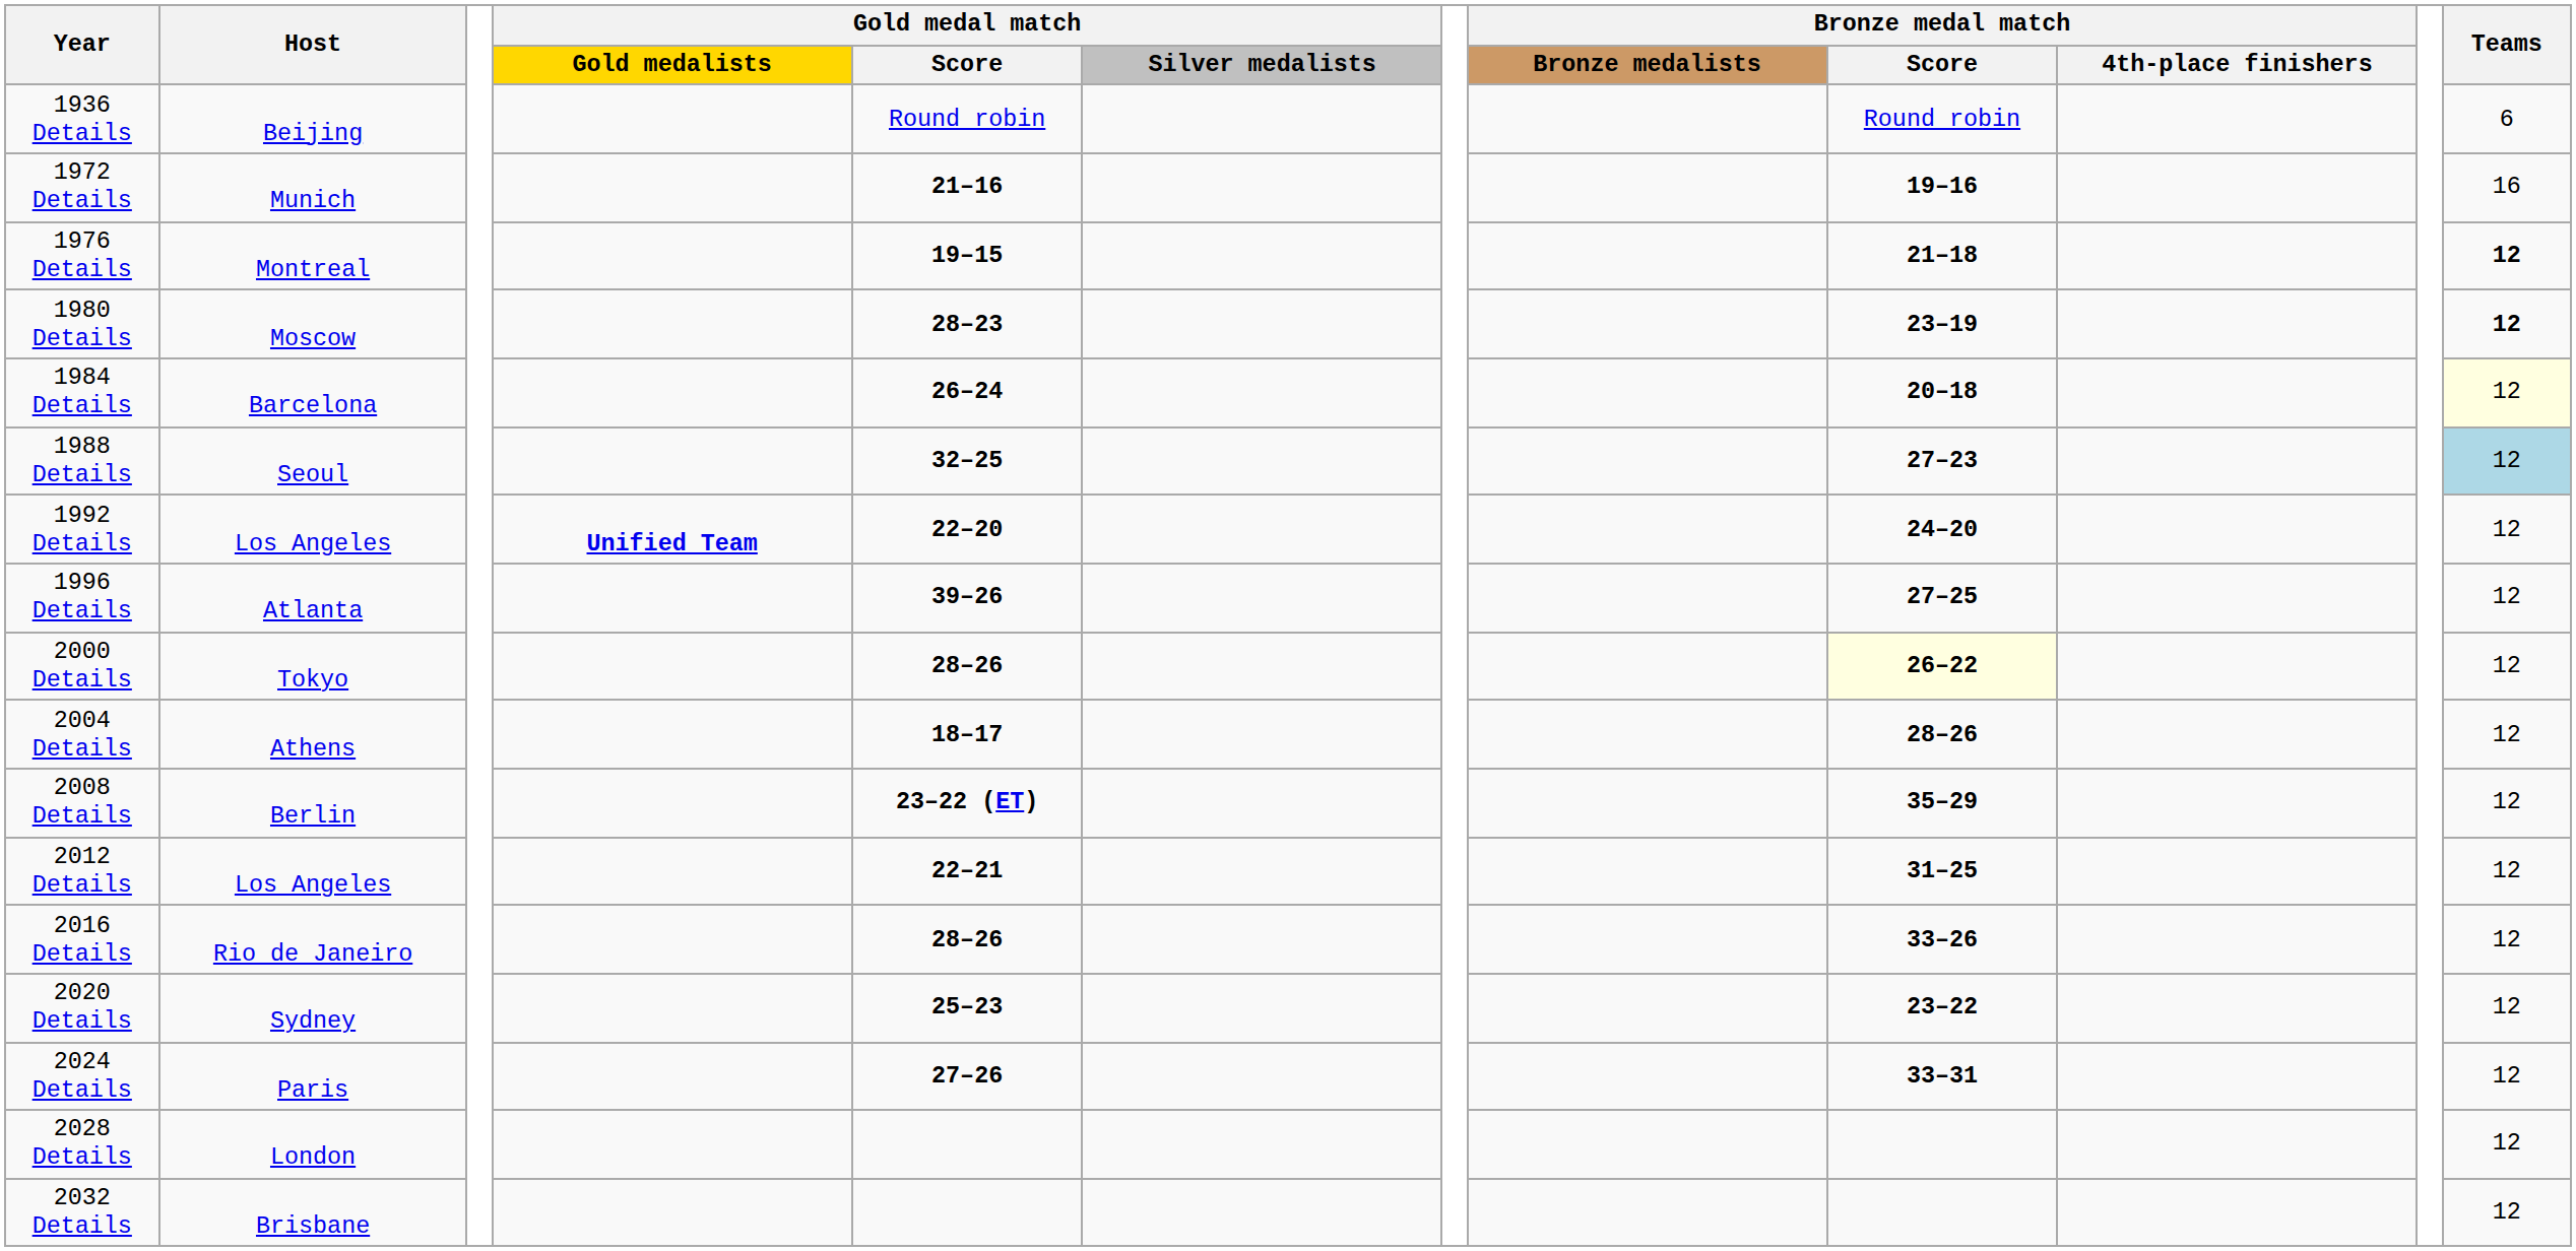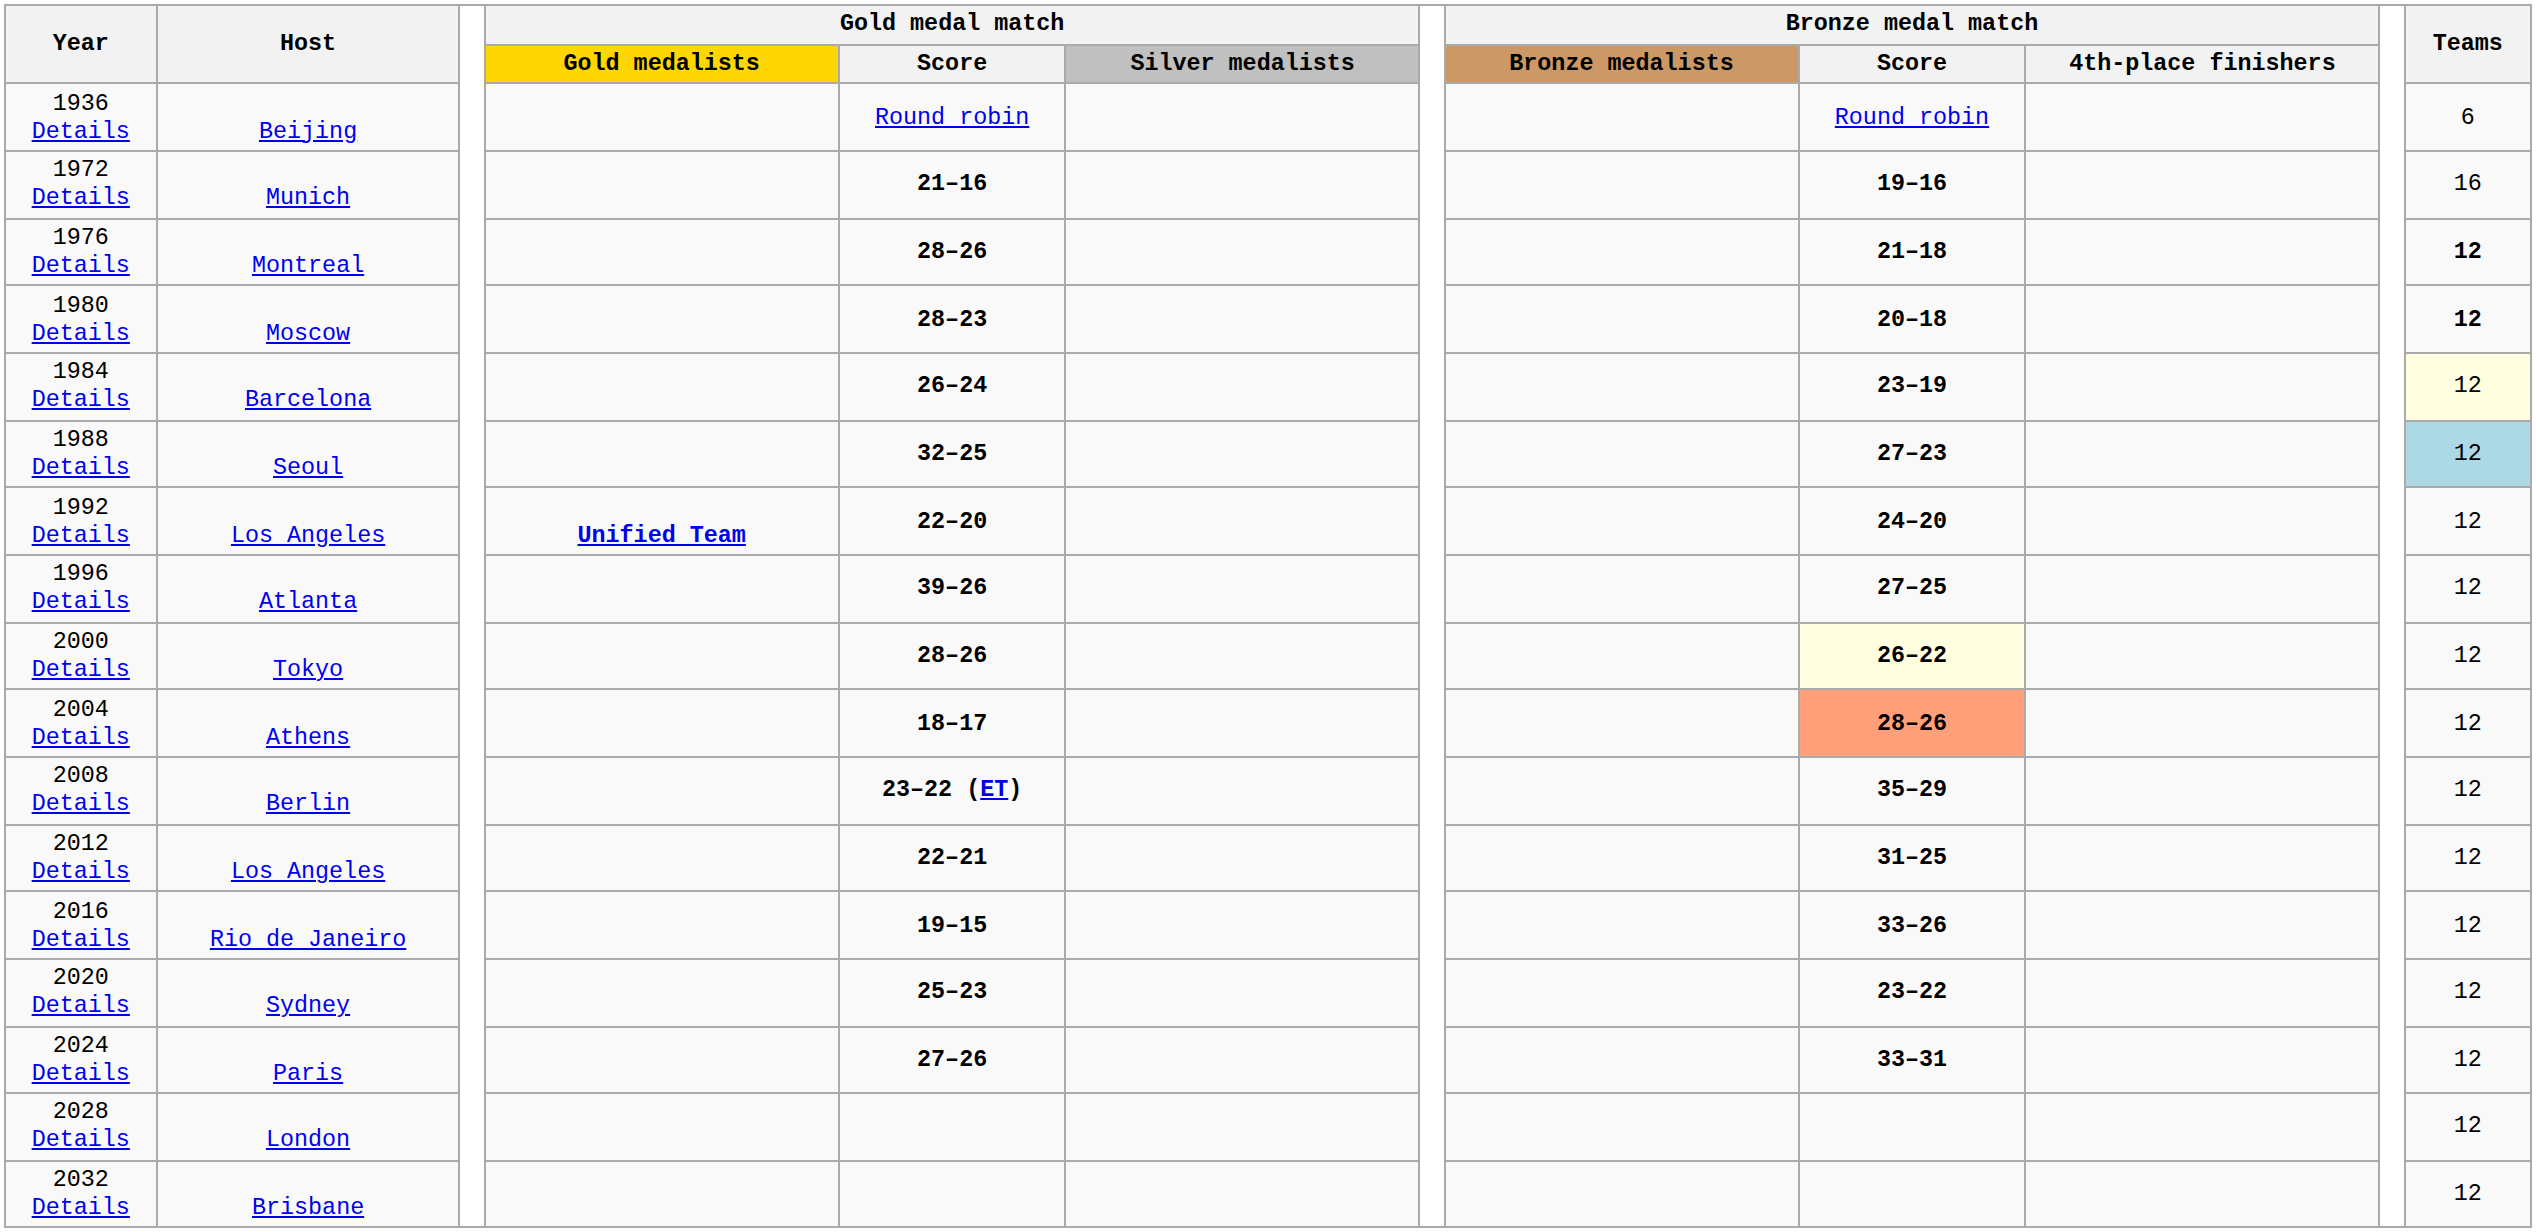 <table class="wikitable" style="font-size:90%; width: 100%; text-align: center;">
 <tr>
 <th rowspan="2" style="width: 6%;">Year</th>
 <th rowspan="2" style="width: 12%;">Host</th>
 <th rowspan="19" style="width: 1%; background-color: #ffffff;"></th>
 <th colspan="3">Gold medal match</th>
 <th rowspan="19" style="width: 1%; background-color: #ffffff;"></th>
 <th colspan="3">Bronze medal match</th>
 <th rowspan="19" style="width: 1%; background-color: #ffffff;"></th>
 <th rowspan="2" style="width: 5%;">Teams</th>
 </tr>
 <tr>
 <th style="width: 14%; background-color: gold;">Gold medalists</th>
 <th style="width: 9%;">Score</th>
 <th style="width: 14%; background-color: silver;">Silver medalists</th>
 <th style="width: 14%; background-color: #cc9966;">Bronze medalists</th>
 <th style="width: 9%;">Score</th>
 <th style="width: 14%;">4th-place finishers</th>
 </tr>
 <tr>
 <td>1936<br><a href='#'>Details</a></td>
 <td><br><a href='#'>Beijing</a></td>
 <td><strong></strong></td>
 <td><a href='#'>Round robin</a></td>
 <td></td>
 <td></td>
 <td><a href='#'>Round robin</a></td>
 <td></td>
 <td>6</td>
 </tr>
 <tr>
 <td>1972<br><a href='#'>Details</a></td>
 <td><br><a href='#'>Munich</a></td>
 <td><strong></strong></td>
 <td><strong>21–16</strong></td>
 <td></td>
 <td></td>
 <td><strong>19–16</strong></td>
 <td></td>
 <td>16</td>
 </tr>
 <tr>
 <td>1976<br><a href='#'>Details</a></td>
 <td><br><a href='#'>Montreal</a></td>
 <td><strong></strong></td>
-<td><strong>19–15</strong></td>
+<td><strong>28–26</strong></td>
 <td></td>
 <td></td>
 <td><strong>21–18</strong></td>
 <td></td>
 <td><strong>12</strong></td>
 </tr>
 <tr>
 <td>1980<br><a href='#'>Details</a></td>
 <td><br><a href='#'>Moscow</a></td>
 <td><strong></strong></td>
 <td><strong>28–23</strong></td>
 <td></td>
 <td></td>
-<td><strong>23–19</strong></td>
+<td><strong>20–18</strong></td>
 <td></td>
 <td><strong>12</strong></td>
 </tr>
 <tr>
 <td>1984<br><a href='#'>Details</a></td>
 <td><br><a href='#'>Barcelona</a></td>
 <td><strong></strong></td>
 <td><strong>26–24</strong></td>
 <td></td>
 <td></td>
-<td><strong>20–18</strong></td>
+<td><strong>23–19</strong></td>
 <td></td>
 <td style="background: lightyellow;">12</td>
 </tr>
 <tr>
 <td>1988<br><a href='#'>Details</a></td>
 <td><br><a href='#'>Seoul</a></td>
 <td><strong></strong></td>
 <td><strong>32–25</strong></td>
 <td></td>
 <td></td>
 <td><strong>27–23</strong></td>
 <td></td>
 <td style="background: lightblue;">12</td>
 </tr>
 <tr>
 <td>1992<br><a href='#'>Details</a></td>
 <td><br><a href='#'>Los Angeles</a></td>
 <td><strong><br><a href='#'>Unified Team</a></strong></td>
 <td><strong>22–20</strong></td>
 <td></td>
 <td></td>
 <td><strong>24–20</strong></td>
 <td></td>
 <td>12</td>
 </tr>
 <tr>
 <td>1996<br><a href='#'>Details</a></td>
 <td><br><a href='#'>Atlanta</a></td>
 <td><strong></strong></td>
 <td><strong>39–26</strong></td>
 <td></td>
 <td></td>
 <td><strong>27–25</strong></td>
 <td></td>
 <td>12</td>
 </tr>
 <tr>
 <td>2000<br><a href='#'>Details</a></td>
 <td><br><a href='#'>Tokyo</a></td>
 <td><strong></strong></td>
 <td><strong>28–26</strong></td>
 <td></td>
 <td></td>
 <td style="background: lightyellow;"><strong>26–22</strong></td>
 <td></td>
 <td>12</td>
 </tr>
 <tr>
 <td>2004<br><a href='#'>Details</a></td>
 <td><br><a href='#'>Athens</a></td>
 <td><strong></strong></td>
 <td><strong>18–17</strong></td>
 <td></td>
 <td></td>
-<td><strong>28–26</strong></td>
+<td style="background: lightsalmon;"><strong>28–26</strong></td>
 <td></td>
 <td>12</td>
 </tr>
 <tr>
 <td>2008<br><a href='#'>Details</a></td>
 <td><br><a href='#'>Berlin</a></td>
 <td><strong></strong></td>
 <td><strong>23–22 (<a href='#'>ET</a>)</strong></td>
 <td></td>
 <td></td>
 <td><strong>35–29</strong></td>
 <td></td>
 <td>12</td>
 </tr>
 <tr>
 <td>2012<br><a href='#'>Details</a></td>
 <td><br><a href='#'>Los Angeles</a></td>
 <td><strong></strong></td>
 <td><strong>22–21</strong></td>
 <td></td>
 <td></td>
 <td><strong>31–25</strong></td>
 <td></td>
 <td>12</td>
 </tr>
 <tr>
 <td>2016<br><a href='#'>Details</a></td>
 <td><br><a href='#'>Rio de Janeiro</a></td>
 <td><strong></strong></td>
-<td><strong>28–26</strong></td>
+<td><strong>19–15</strong></td>
 <td></td>
 <td></td>
 <td><strong>33–26</strong></td>
 <td></td>
 <td>12</td>
 </tr>
 <tr>
 <td>2020<br><a href='#'>Details</a></td>
 <td><br><a href='#'>Sydney</a></td>
 <td><strong></strong></td>
 <td><strong>25–23</strong></td>
 <td></td>
 <td></td>
 <td><strong>23–22</strong></td>
 <td></td>
 <td>12</td>
 </tr>
 <tr>
 <td>2024<br><a href='#'>Details</a></td>
 <td><br><a href='#'>Paris</a></td>
 <td><strong></strong></td>
 <td><strong>27–26</strong></td>
 <td></td>
 <td></td>
 <td><strong>33–31</strong></td>
 <td></td>
 <td>12</td>
 </tr>
 <tr>
 <td>2028<br><a href='#'>Details</a></td>
 <td><br><a href='#'>London</a></td>
 <td></td>
 <td></td>
 <td></td>
 <td></td>
 <td></td>
 <td></td>
 <td>12</td>
 </tr>
 <tr>
 <td>2032<br><a href='#'>Details</a></td>
 <td><br><a href='#'>Brisbane</a></td>
 <td></td>
 <td></td>
 <td></td>
 <td></td>
 <td></td>
 <td></td>
 <td>12</td>
 </tr>
 </table>
